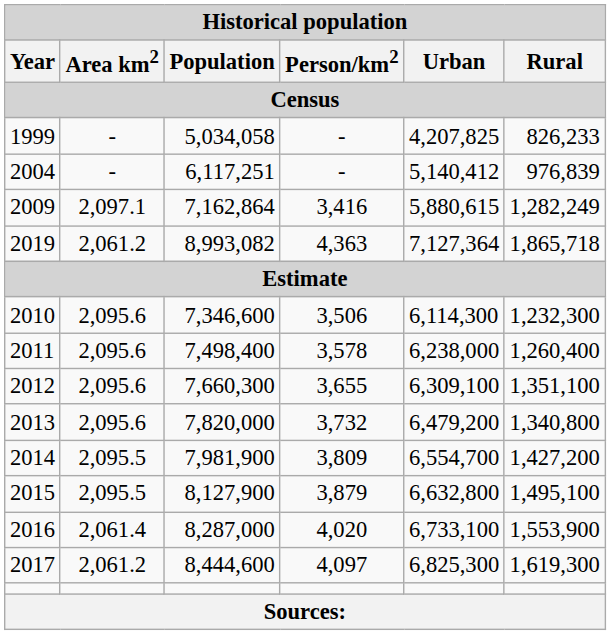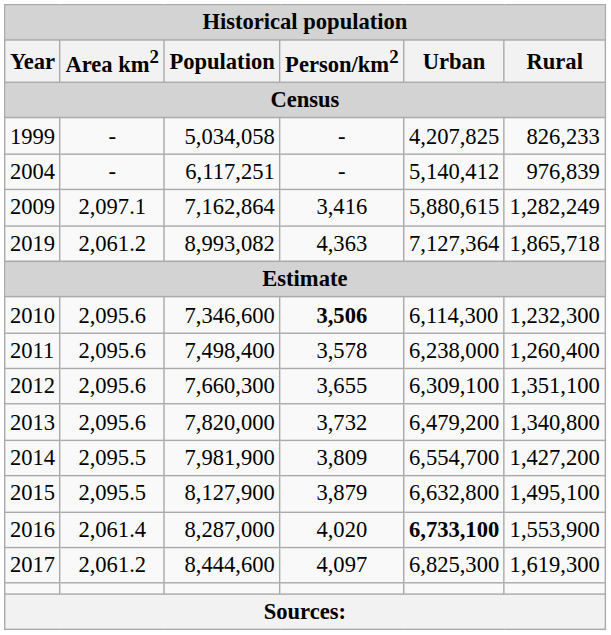 <table class="wikitable floatright">
 <tr>
 <th style="background:  #D3D3D3;" colspan="9"><strong>Historical population</strong></th>
 </tr>
 <tr>
 <th>Year</th>
 <th>Area km<sup>2</sup></th>
 <th>Population</th>
 <th>Person/km<sup>2</sup></th>
 <th>Urban</th>
 <th>Rural</th>
 </tr>
 <tr>
 <th style="background:  #D3D3D3;" colspan="9"><strong>Census</strong></th>
 </tr>
 <tr>
 <td>1999</td>
 <td style="text-align:center">-</td>
 <td style="text-align:right">5,034,058</td>
 <td style="text-align:center">-</td>
 <td>4,207,825</td>
 <td style="text-align: right">826,233</td>
 </tr>
 <tr>
 <td>2004</td>
 <td style="text-align:center">-</td>
 <td style="text-align:right">6,117,251</td>
 <td style="text-align:center">-</td>
 <td>5,140,412</td>
 <td style="text-align: right">976,839</td>
 </tr>
 <tr>
 <td>2009</td>
 <td style="text-align:center">2,097.1</td>
 <td style="text-align:right">7,162,864</td>
 <td style="text-align:center">3,416</td>
 <td>5,880,615</td>
 <td>1,282,249</td>
 </tr>
 <tr>
 <td>2019</td>
 <td style="text-align:center">2,061.2</td>
 <td style="text-align:right">8,993,082</td>
 <td style="text-align:center">4,363</td>
 <td>7,127,364</td>
 <td>1,865,718</td>
 </tr>
 <tr>
 <th style="background:  #D3D3D3;" colspan="9"><strong>Estimate</strong></th>
 </tr>
 <tr>
 <td>2010</td>
 <td style="text-align:center">2,095.6</td>
 <td style="text-align:right">7,346,600</td>
-<td style="text-align:center">3,506</td>
+<td style="text-align:center"><strong>3,506</strong></td>
 <td>6,114,300</td>
 <td>1,232,300</td>
 </tr>
 <tr>
 <td>2011</td>
 <td style="text-align:center">2,095.6</td>
 <td style="text-align:right">7,498,400</td>
 <td style="text-align:center">3,578</td>
 <td>6,238,000</td>
 <td>1,260,400</td>
 </tr>
 <tr>
 <td>2012</td>
 <td style="text-align:center">2,095.6</td>
 <td style="text-align:right">7,660,300</td>
 <td style="text-align:center">3,655</td>
 <td>6,309,100</td>
 <td>1,351,100</td>
 </tr>
 <tr>
 <td>2013</td>
 <td style="text-align:center">2,095.6</td>
 <td style="text-align:right">7,820,000</td>
 <td style="text-align:center">3,732</td>
 <td>6,479,200</td>
 <td>1,340,800</td>
 </tr>
 <tr>
 <td>2014</td>
 <td style="text-align:center">2,095.5</td>
 <td style="text-align:right">7,981,900</td>
 <td style="text-align:center">3,809</td>
 <td>6,554,700</td>
 <td>1,427,200</td>
 </tr>
 <tr>
 <td>2015</td>
 <td style="text-align:center">2,095.5</td>
 <td style="text-align:right">8,127,900</td>
 <td style="text-align:center">3,879</td>
 <td>6,632,800</td>
 <td>1,495,100</td>
 </tr>
 <tr>
 <td>2016</td>
 <td style="text-align:center">2,061.4</td>
 <td style="text-align:right">8,287,000</td>
 <td style="text-align:center">4,020</td>
-<td>6,733,100</td>
+<td><strong>6,733,100</strong></td>
 <td>1,553,900</td>
 </tr>
 <tr>
 <td>2017</td>
 <td style="text-align:center">2,061.2</td>
 <td style="text-align:right">8,444,600</td>
 <td style="text-align:center">4,097</td>
 <td>6,825,300</td>
 <td>1,619,300</td>
 </tr>
 <tr>
 <td></td>
 <td></td>
 <td></td>
 <td></td>
 <td></td>
 <td></td>
 </tr>
 <tr>
 <th colspan=9 style="text-align: center"><strong>Sources</strong>:</th>
 </tr>
 </table>
